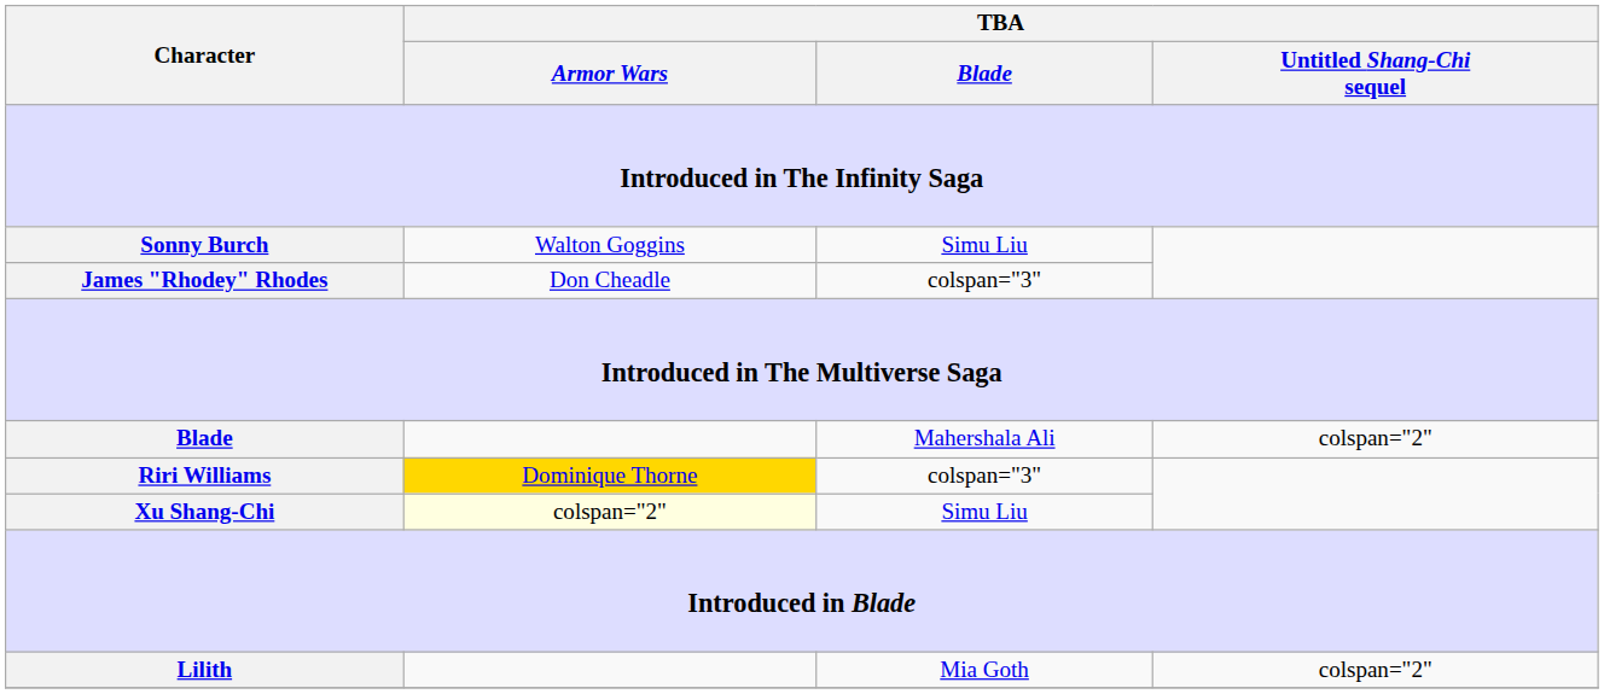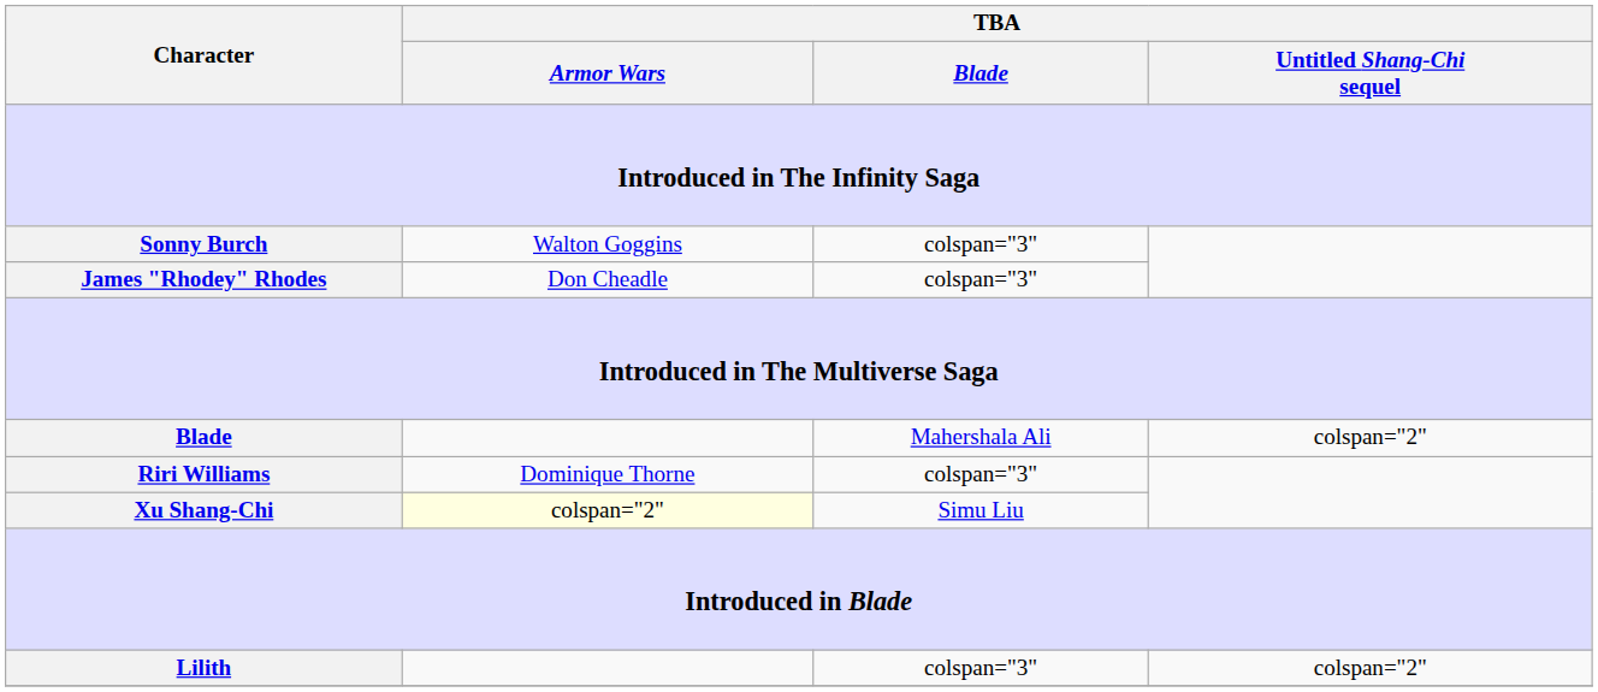 <table class="wikitable" style="text-align:center; width:70%;">
 <tr>
 <th rowspan="2" style="width:25%;">Character</th>
 <th colspan="4">TBA</th>
 </tr>
 <tr>
 <th><em><a href='#'>Armor Wars</a></em></th>
 <th><em><a href='#'>Blade</a></em></th>
 <th><a href='#'>Untitled <em>Shang-Chi<br></em> sequel</a></th>
 </tr>
 <tr>
 <th colspan="8" scope="row" style="background-color:#ddf;"><br><h3>Introduced in The Infinity Saga</h3></th>
 </tr>
 <tr>
 <th scope="row"><a href='#'>Sonny Burch</a></th>
 <td><a href='#'>Walton Goggins</a></td>
-<td><a href='#'>Simu Liu</a></td>
+<td>colspan="3" </td>
 </tr>
 <tr>
 <th scope="row"><a href='#'>James "Rhodey" Rhodes<br></a></th>
 <td><a href='#'>Don Cheadle</a></td>
 <td>colspan="3" </td>
 </tr>
 <tr>
 <th colspan="8" scope="row" style="background-color:#ddf;"><br><h3>Introduced in The Multiverse Saga</h3></th>
 </tr>
 <tr>
 <th scope="row"><a href='#'>Blade</a></th>
 <td></td>
 <td><a href='#'>Mahershala Ali</a></td>
 <td>colspan="2" </td>
 </tr>
 <tr>
 <th scope="row"><a href='#'>Riri Williams<br></a></th>
-<td style="background: gold;"><a href='#'>Dominique Thorne</a></td>
+<td><a href='#'>Dominique Thorne</a></td>
 <td>colspan="3" </td>
 </tr>
 <tr>
 <th scope="row"><a href='#'>Xu Shang-Chi</a></th>
 <td style="background: lightyellow;">colspan="2" </td>
 <td><a href='#'>Simu Liu</a></td>
 </tr>
 <tr>
 <th scope="row" colspan="6" style="background-color:#ddf;"><br><h3>Introduced in <em>Blade</em></h3></th>
 </tr>
 <tr>
 <th scope="row"><a href='#'>Lilith</a></th>
 <td></td>
-<td><a href='#'>Mia Goth</a></td>
+<td>colspan="3" </td>
 <td>colspan="2" </td>
 </tr>
 <tr>
 </tr>
 </table>
